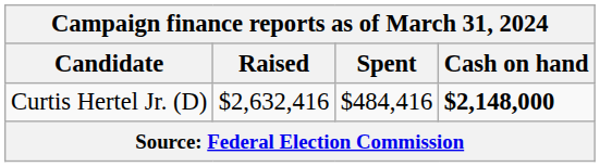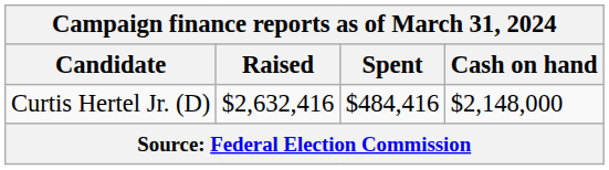 <table class="wikitable sortable">
 <tr>
 <th colspan=4>Campaign finance reports as of March 31, 2024</th>
 </tr>
 <tr style="text-align:center;">
 <th>Candidate</th>
 <th>Raised</th>
 <th>Spent</th>
 <th>Cash on hand</th>
 </tr>
 <tr>
 <td>Curtis Hertel Jr. (D)</td>
 <td>$2,632,416</td>
 <td>$484,416</td>
-<td><strong>$2,148,000</strong></td>
+<td>$2,148,000</td>
 </tr>
 <tr>
 <th colspan="4"><small>Source: <a href='#'>Federal Election Commission</a></small></th>
 </tr>
 </table>
